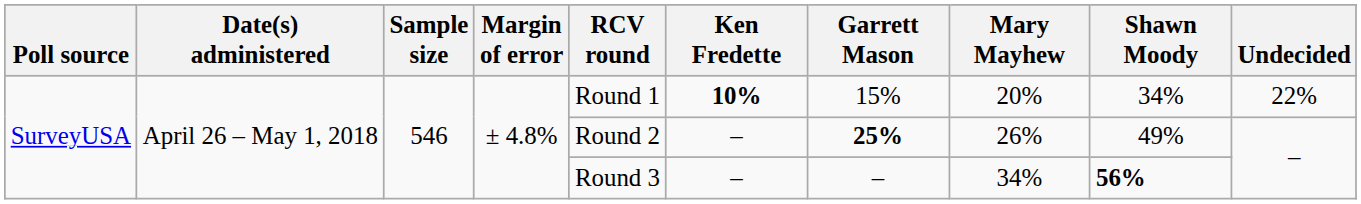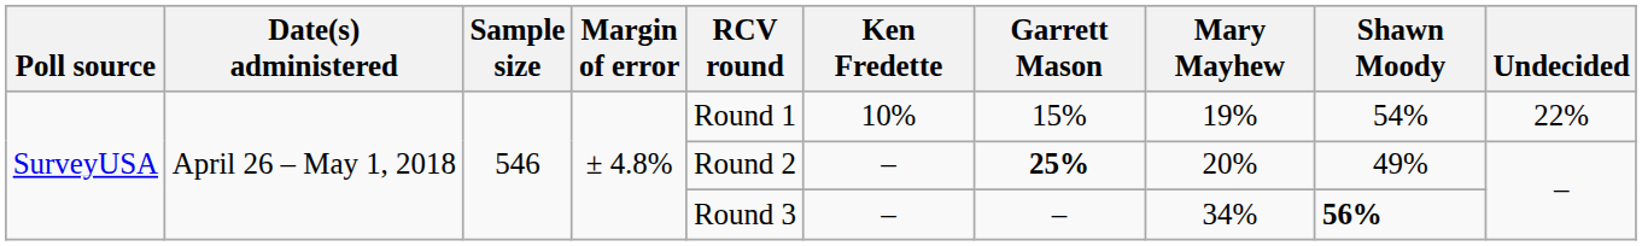 <table class="wikitable" style="font-size:90%">
 <tr valign=bottom>
 <th>Poll source</th>
 <th>Date(s)<br>administered</th>
 <th>Sample<br>size</th>
 <th>Margin<br>of error</th>
 <th>RCV<br>round</th>
 <th style="width:75px;">Ken<br>Fredette</th>
 <th style="width:75px;">Garrett<br>Mason</th>
 <th style="width:75px;">Mary<br>Mayhew</th>
 <th style="width:75px;">Shawn<br>Moody</th>
 <th>Undecided</th>
 </tr>
 <tr>
 <td rowspan=3><a href='#'>SurveyUSA</a></td>
 <td align=center rowspan=3>April 26 – May 1, 2018</td>
 <td align=center rowspan=3>546</td>
 <td align=center rowspan=3>± 4.8%</td>
 <td align=center>Round 1</td>
-<td align=center><strong>10%</strong></td>
+<td align=center>10%</td>
 <td align=center>15%</td>
-<td align=center>20%</td>
-<td align=center>34%</td>
+<td align=center>19%</td>
+<td align=center>54%</td>
 <td align=center>22%</td>
 </tr>
 <tr>
 <td align=center>Round 2</td>
 <td align=center>–</td>
 <td align=center><strong>25%</strong></td>
-<td align=center>26%</td>
+<td align=center>20%</td>
 <td align=center>49%</td>
 <td align=center rowspan=2>–</td>
 </tr>
 <tr>
 <td align=center>Round 3</td>
 <td align=center>–</td>
 <td align=center>–</td>
 <td align=center>34%</td>
 <td><strong>56%</strong></td>
 </tr>
 </table>
